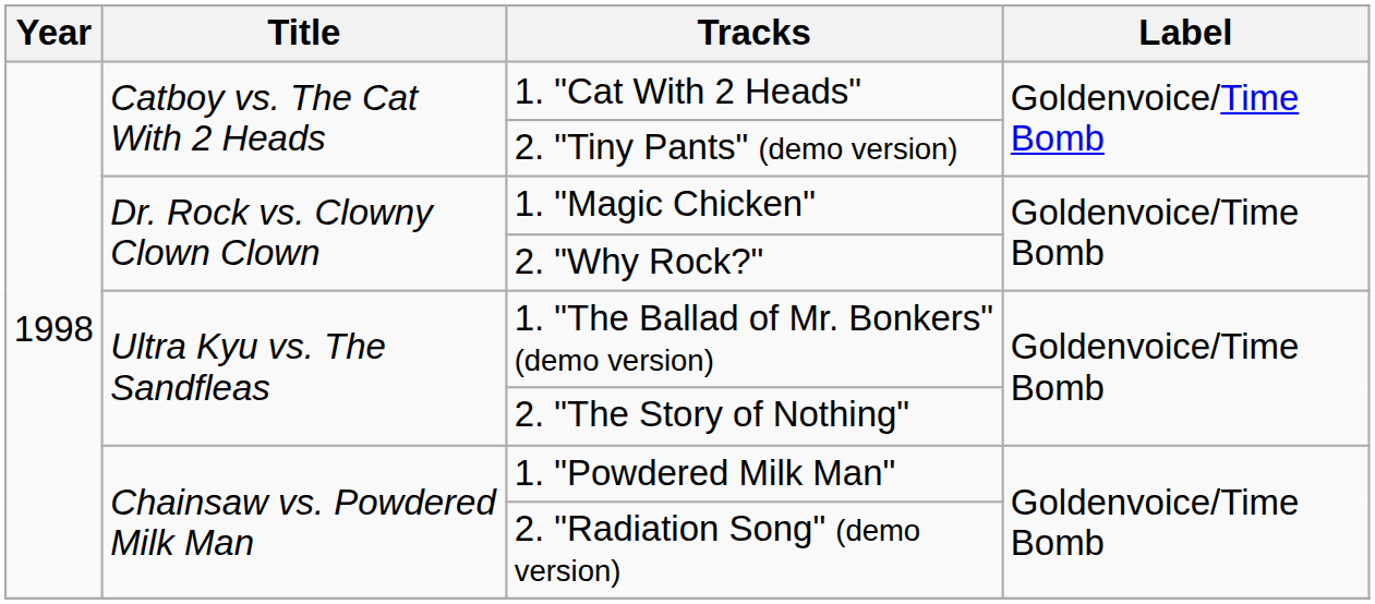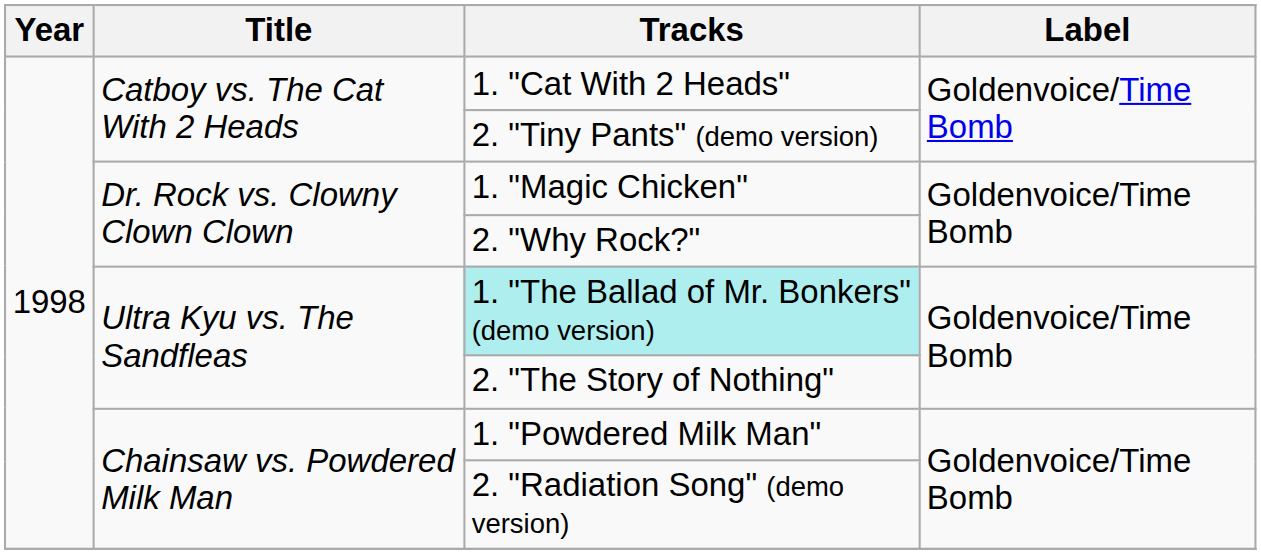 <table class="wikitable">
 <tr>
 <th><strong>Year</strong></th>
 <th><strong>Title</strong></th>
 <th><strong>Tracks</strong></th>
 <th><strong>Label</strong></th>
 </tr>
 <tr>
 <td rowspan=8>1998</td>
 <td rowspan=2><em>Catboy vs. The Cat With 2 Heads</em></td>
 <td>1. "Cat With 2 Heads"</td>
 <td rowspan=2>Goldenvoice/<a href='#'>Time Bomb</a></td>
 </tr>
 <tr>
 <td>2. "Tiny Pants" <small>(demo version)</small></td>
 </tr>
 <tr>
 <td rowspan=2><em>Dr. Rock vs. Clowny Clown Clown</em></td>
 <td>1. "Magic Chicken"</td>
 <td rowspan=2>Goldenvoice/Time Bomb</td>
 </tr>
 <tr>
 <td>2. "Why Rock?"</td>
 </tr>
 <tr>
 <td rowspan=2><em>Ultra Kyu vs. The Sandfleas</em></td>
-<td>1. "The Ballad of Mr. Bonkers" <small>(demo version)</small></td>
+<td style="background: paleturquoise;">1. "The Ballad of Mr. Bonkers" <small>(demo version)</small></td>
 <td rowspan=2>Goldenvoice/Time Bomb</td>
 </tr>
 <tr>
 <td>2. "The Story of Nothing"</td>
 </tr>
 <tr>
 <td rowspan=2><em>Chainsaw vs. Powdered Milk Man</em></td>
 <td>1. "Powdered Milk Man"</td>
 <td rowspan=2>Goldenvoice/Time Bomb</td>
 </tr>
 <tr>
 <td>2. "Radiation Song" <small>(demo version)</small></td>
 </tr>
 <tr>
 </tr>
 </table>
